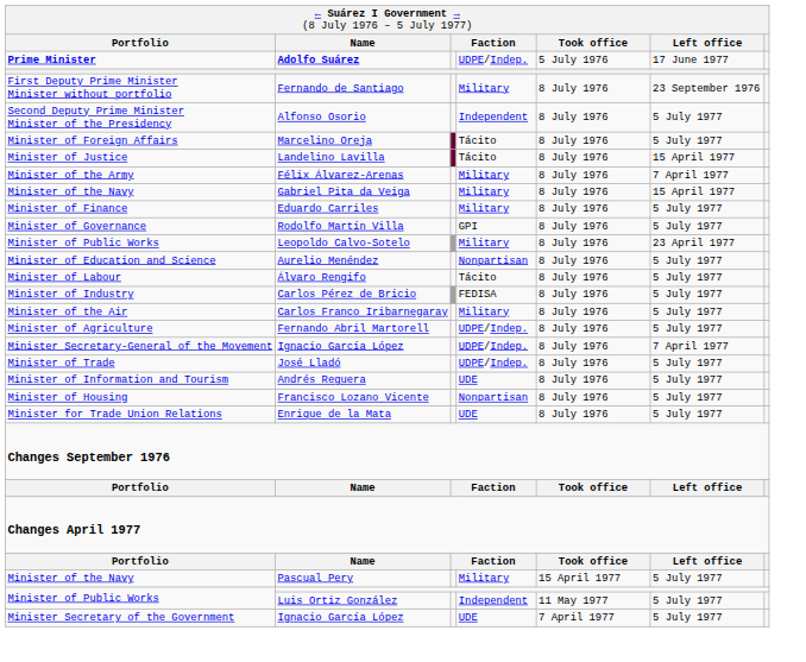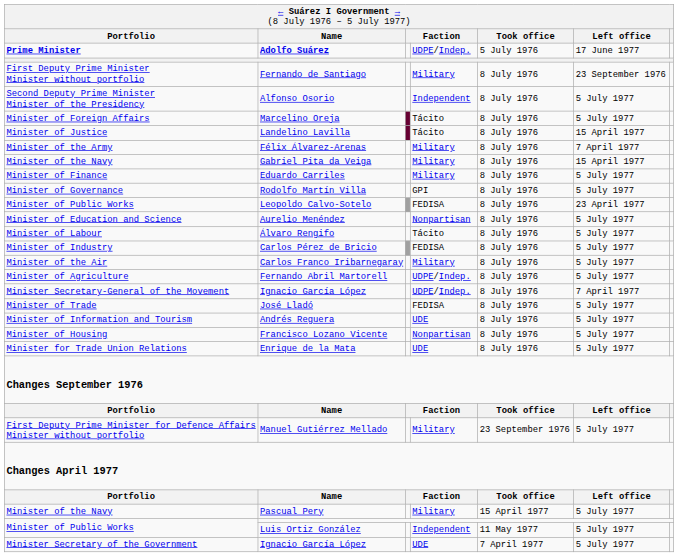 <table class="wikitable">
 <tr>
 <td colspan="7" bgcolor="#F2F2F2" align="center"><a href='#'>←</a> <strong>Suárez I Government</strong> <a href='#'>→</a><br>(8 July 1976 – 5 July 1977)</td>
 </tr>
 <tr>
 <th>Portfolio</th>
 <th>Name</th>
 <th width="100px" colspan="2">Faction</th>
 <th width="135px">Took office</th>
 <th width="135px">Left office</th>
 <th></th>
 </tr>
 <tr>
 <td><strong><a href='#'>Prime Minister</a></strong></td>
 <td><strong><a href='#'>Adolfo Suárez</a></strong></td>
 <td width="1" style="background-color:"></td>
 <td><a href='#'>UDPE</a>/<a href='#'>Indep.</a></td>
 <td>5 July 1976</td>
 <td>17 June 1977</td>
 <td align="center"></td>
 </tr>
 <tr>
 <th colspan="7"></th>
 </tr>
 <tr>
 <td><a href='#'>First Deputy Prime Minister</a><br><a href='#'>Minister without portfolio</a></td>
 <td><a href='#'>Fernando de Santiago</a></td>
 <td style="background-color:"></td>
 <td><a href='#'>Military</a></td>
 <td>8 July 1976</td>
 <td>23 September 1976</td>
 <td align="center"><br></td>
 </tr>
 <tr>
 <td><a href='#'>Second Deputy Prime Minister</a><br><a href='#'>Minister of the Presidency</a></td>
 <td><a href='#'>Alfonso Osorio</a></td>
 <td style="background-color:"></td>
 <td><a href='#'>Independent</a></td>
 <td>8 July 1976</td>
 <td>5 July 1977</td>
 <td align="center"><br></td>
 </tr>
 <tr>
 <td><a href='#'>Minister of Foreign Affairs</a></td>
 <td><a href='#'>Marcelino Oreja</a></td>
 <td style="background-color:#660032;"></td>
 <td>Tácito</td>
 <td>8 July 1976</td>
 <td>5 July 1977</td>
 <td align="center"></td>
 </tr>
 <tr>
 <td><a href='#'>Minister of Justice</a></td>
 <td><a href='#'>Landelino Lavilla</a></td>
 <td style="background-color:#660032;"></td>
 <td>Tácito</td>
 <td>8 July 1976</td>
 <td>15 April 1977</td>
 <td align="center"></td>
 </tr>
 <tr>
 <td><a href='#'>Minister of the Army</a></td>
 <td><a href='#'>Félix Álvarez-Arenas</a></td>
 <td style="background-color:"></td>
 <td><a href='#'>Military</a></td>
 <td>8 July 1976</td>
 <td>7 April 1977</td>
 <td align="center"></td>
 </tr>
 <tr>
 <td><a href='#'>Minister of the Navy</a></td>
 <td><a href='#'>Gabriel Pita da Veiga</a></td>
 <td style="background-color:"></td>
 <td><a href='#'>Military</a></td>
 <td>8 July 1976</td>
 <td>15 April 1977</td>
 <td align="center"></td>
 </tr>
 <tr>
 <td><a href='#'>Minister of Finance</a></td>
 <td><a href='#'>Eduardo Carriles</a></td>
 <td style="background-color:"></td>
 <td><a href='#'>Military</a></td>
 <td>8 July 1976</td>
 <td>5 July 1977</td>
 <td align="center"></td>
 </tr>
 <tr>
 <td><a href='#'>Minister of Governance</a></td>
 <td><a href='#'>Rodolfo Martín Villa</a></td>
 <td style="background-color:"></td>
 <td>GPI</td>
 <td>8 July 1976</td>
 <td>5 July 1977</td>
 <td align="center"></td>
 </tr>
 <tr>
 <td><a href='#'>Minister of Public Works</a></td>
 <td><a href='#'>Leopoldo Calvo-Sotelo</a></td>
 <td style="background-color:#A0A0A0;"></td>
-<td><a href='#'>Military</a></td>
+<td>FEDISA</td>
 <td>8 July 1976</td>
 <td>23 April 1977</td>
 <td align="center"></td>
 </tr>
 <tr>
 <td><a href='#'>Minister of Education and Science</a></td>
 <td><a href='#'>Aurelio Menéndez</a></td>
 <td style="background-color:"></td>
 <td><a href='#'>Nonpartisan</a></td>
 <td>8 July 1976</td>
 <td>5 July 1977</td>
 <td align="center"></td>
 </tr>
 <tr>
 <td><a href='#'>Minister of Labour</a></td>
 <td><a href='#'>Álvaro Rengifo</a></td>
 <td style="background-color:"></td>
 <td>Tácito</td>
 <td>8 July 1976</td>
 <td>5 July 1977</td>
 <td align="center"></td>
 </tr>
 <tr>
 <td><a href='#'>Minister of Industry</a></td>
 <td><a href='#'>Carlos Pérez de Bricio</a></td>
 <td style="background-color:#A0A0A0;"></td>
 <td>FEDISA</td>
 <td>8 July 1976</td>
 <td>5 July 1977</td>
 <td align="center"></td>
 </tr>
 <tr>
 <td><a href='#'>Minister of the Air</a></td>
 <td><a href='#'>Carlos Franco Iribarnegaray</a></td>
 <td style="background-color:"></td>
 <td><a href='#'>Military</a></td>
 <td>8 July 1976</td>
 <td>5 July 1977</td>
 <td align="center"></td>
 </tr>
 <tr>
 <td><a href='#'>Minister of Agriculture</a></td>
 <td><a href='#'>Fernando Abril Martorell</a></td>
 <td style="background-color:"></td>
 <td><a href='#'>UDPE</a>/<a href='#'>Indep.</a></td>
 <td>8 July 1976</td>
 <td>5 July 1977</td>
 <td align="center"></td>
 </tr>
 <tr>
 <td><a href='#'>Minister Secretary-General of the Movement</a></td>
 <td><a href='#'>Ignacio García López</a></td>
 <td style="background-color:"></td>
 <td><a href='#'>UDPE</a>/<a href='#'>Indep.</a></td>
 <td>8 July 1976</td>
 <td>7 April 1977</td>
 <td align="center"></td>
 </tr>
 <tr>
 <td><a href='#'>Minister of Trade</a></td>
 <td><a href='#'>José Lladó</a></td>
 <td style="background-color:"></td>
-<td><a href='#'>UDPE</a>/<a href='#'>Indep.</a></td>
+<td>FEDISA</td>
 <td>8 July 1976</td>
 <td>5 July 1977</td>
 <td align="center"></td>
 </tr>
 <tr>
 <td><a href='#'>Minister of Information and Tourism</a></td>
 <td><a href='#'>Andrés Reguera</a></td>
 <td style="background-color:"></td>
 <td><a href='#'>UDE</a></td>
 <td>8 July 1976</td>
 <td>5 July 1977</td>
 <td align="center"></td>
 </tr>
 <tr>
 <td><a href='#'>Minister of Housing</a></td>
 <td><a href='#'>Francisco Lozano Vicente</a></td>
 <td style="background-color:"></td>
 <td><a href='#'>Nonpartisan</a></td>
 <td>8 July 1976</td>
 <td>5 July 1977</td>
 <td align="center"></td>
 </tr>
 <tr>
 <td><a href='#'>Minister for Trade Union Relations</a></td>
 <td><a href='#'>Enrique de la Mata</a></td>
 <td style="background-color:"></td>
 <td><a href='#'>UDE</a></td>
 <td>8 July 1976</td>
 <td>5 July 1977</td>
 <td align="center"></td>
 </tr>
 <tr>
 <td colspan="7"><br><h3>Changes September 1976</h3></td>
 </tr>
 <tr>
 <th>Portfolio</th>
 <th>Name</th>
 <th colspan="2">Faction</th>
 <th>Took office</th>
 <th>Left office</th>
 <th></th>
 </tr>
 <tr>
+<td><a href='#'>First Deputy Prime Minister for Defence Affairs</a><br><a href='#'>Minister without portfolio</a></td>
+<td><a href='#'>Manuel Gutiérrez Mellado</a></td>
+<td style="background-color:"></td>
+<td><a href='#'>Military</a></td>
+<td>23 September 1976</td>
+<td>5 July 1977</td>
+<td align="center"></td>
+</tr>
+<tr>
 <td colspan="7"><br><h3>Changes April 1977</h3></td>
 </tr>
 <tr>
 <th>Portfolio</th>
 <th>Name</th>
 <th colspan="2">Faction</th>
 <th>Took office</th>
 <th>Left office</th>
 <th></th>
 </tr>
 <tr>
 <td><a href='#'>Minister of the Navy</a></td>
 <td><a href='#'>Pascual Pery</a></td>
 <td style="background-color:"></td>
 <td><a href='#'>Military</a></td>
 <td>15 April 1977</td>
 <td>5 July 1977</td>
 <td align="center"></td>
 </tr>
 <tr>
 <td rowspan="2"><a href='#'>Minister of Public Works</a></td>
 <td colspan="6"></td>
 </tr>
 <tr>
 <td><a href='#'>Luis Ortiz González</a></td>
 <td style="background-color:"></td>
 <td><a href='#'>Independent</a></td>
 <td>11 May 1977</td>
 <td>5 July 1977</td>
 <td align="center"></td>
 </tr>
 <tr>
 <td><a href='#'>Minister Secretary of the Government</a></td>
 <td><a href='#'>Ignacio García López</a></td>
 <td style="background-color:"></td>
 <td><a href='#'>UDE</a></td>
 <td>7 April 1977</td>
 <td>5 July 1977</td>
 <td align="center"></td>
 </tr>
 </table>
